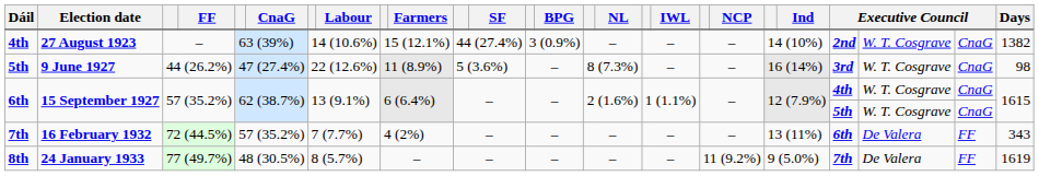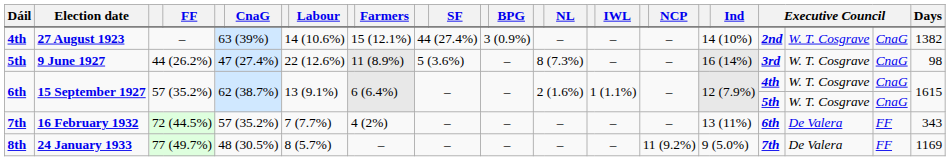 <table class="wikitable" style="font-size:95%;">
 <tr style="text-align: center; background: #efefefefefef; border-bottom: 2px solid gray;">
 <th>Dáil</th>
 <th>Election date</th>
 <th style="background-color: "></th>
 <th><a href='#'>FF</a></th>
 <th style="background-color: "></th>
 <th><a href='#'>CnaG</a></th>
 <th style="background-color: "></th>
 <th><a href='#'>Labour</a></th>
 <th style="background-color: "></th>
 <th><a href='#'>Farmers</a></th>
 <th style="background-color: "></th>
 <th><a href='#'>SF</a></th>
 <th style="background-color: "></th>
 <th><a href='#'>BPG</a></th>
 <th style="background-color: "></th>
 <th><a href='#'>NL</a></th>
 <th style="background-color: "></th>
 <th><a href='#'>IWL</a></th>
 <th style="background-color: "></th>
 <th><a href='#'>NCP</a></th>
 <th style="background-color: "></th>
 <th><a href='#'>Ind</a></th>
 <th colspan=3><em>Executive Council</em></th>
 <th>Days</th>
 </tr>
 <tr>
 <td><strong><a href='#'>4th</a></strong></td>
 <td><strong><a href='#'>27 August 1923</a></strong></td>
 <td colspan=2 align=center>–</td>
 <td colspan=2 style="background-color: #D0E8FF">63 (39%)</td>
 <td colspan=2>14 (10.6%)</td>
 <td colspan=2>15 (12.1%)</td>
 <td colspan=2>44 (27.4%)</td>
 <td colspan=2>3 (0.9%)</td>
 <td colspan=2 align=center>–</td>
 <td colspan=2 align=center>–</td>
 <td colspan=2 align=center>–</td>
 <td colspan=2>14 (10%)</td>
 <td><a href='#'><strong><em>2nd</em></strong></a></td>
 <td><em><a href='#'>W. T. Cosgrave</a></em></td>
 <td><a href='#'><em>CnaG</em></a></td>
 <td style="text-align:right;">1382</td>
 </tr>
 <tr>
 <td><strong><a href='#'>5th</a></strong></td>
 <td><strong><a href='#'>9 June 1927</a></strong></td>
 <td colspan=2>44 (26.2%)</td>
 <td colspan=2 style="background-color: #D0E8FF">47 (27.4%)</td>
 <td colspan=2>22 (12.6%)</td>
 <td colspan=2 style="background-color: #E8E8E8">11 (8.9%)</td>
 <td colspan=2>5 (3.6%)</td>
 <td colspan=2 align=center>–</td>
 <td colspan=2>8 (7.3%)</td>
 <td colspan=2 align=center>–</td>
 <td colspan=2 align=center>–</td>
 <td colspan=2 style="background-color: #E8E8E8">16 (14%)</td>
 <td><a href='#'><strong><em>3rd</em></strong></a></td>
 <td><em>W. T. Cosgrave</em></td>
 <td><a href='#'><em>CnaG</em></a></td>
 <td style="text-align:right;">98</td>
 </tr>
 <tr style="line-height:16px;">
 <td rowspan=2><strong><a href='#'>6th</a></strong></td>
 <td rowspan=2><strong><a href='#'>15 September 1927</a></strong></td>
 <td rowspan=2 colspan=2>57 (35.2%)</td>
 <td rowspan=2 colspan=2 style="background-color: #D0E8FF">62 (38.7%)</td>
 <td rowspan=2 colspan=2>13 (9.1%)</td>
 <td rowspan=2 colspan=2 style="background-color: #E8E8E8">6 (6.4%)</td>
 <td rowspan=2 colspan=2 align=center>–</td>
 <td rowspan=2 colspan=2 align=center>–</td>
 <td rowspan=2 colspan=2>2 (1.6%)</td>
 <td rowspan=2 colspan=2>1 (1.1%)</td>
 <td rowspan=2 colspan=2 align=center>–</td>
 <td rowspan=2 colspan=2 style="background-color: #E8E8E8">12 (7.9%)</td>
 <td><a href='#'><strong><em>4th</em></strong></a></td>
 <td><em>W. T. Cosgrave</em></td>
 <td><a href='#'><em>CnaG</em></a></td>
 <td rowspan=2 style="text-align:right;">1615</td>
 </tr>
 <tr style="line-height:16px;">
 <td><a href='#'><strong><em>5th</em></strong></a></td>
 <td><em>W. T. Cosgrave</em></td>
 <td><a href='#'><em>CnaG</em></a></td>
 </tr>
 <tr>
 <td><strong><a href='#'>7th</a></strong></td>
 <td><strong><a href='#'>16 February 1932</a></strong></td>
 <td colspan=2 style="background-color: #DEFFDE">72 (44.5%)</td>
 <td colspan=2>57 (35.2%)</td>
 <td colspan=2>7 (7.7%)</td>
 <td colspan=2>4 (2%)</td>
 <td colspan=2 align=center>–</td>
 <td colspan=2 align=center>–</td>
 <td colspan=2 align=center>–</td>
 <td colspan=2 align=center>–</td>
 <td colspan=2 align=center>–</td>
 <td colspan=2>13 (11%)</td>
 <td><a href='#'><strong><em>6th</em></strong></a></td>
 <td><a href='#'><em>De Valera</em></a></td>
 <td><a href='#'><em>FF</em></a></td>
 <td style="text-align:right;">343</td>
 </tr>
 <tr>
 <td><strong><a href='#'>8th</a></strong></td>
 <td><strong><a href='#'>24 January 1933</a></strong></td>
 <td colspan=2 style="background-color: #DEFFDE">77 (49.7%)</td>
 <td colspan=2>48 (30.5%)</td>
 <td colspan=2>8 (5.7%)</td>
 <td colspan=2 align=center>–</td>
 <td colspan=2 align=center>–</td>
 <td colspan=2 align=center>–</td>
 <td colspan=2 align=center>–</td>
 <td colspan=2 align=center>–</td>
 <td colspan=2>11 (9.2%)</td>
 <td colspan=2>9 (5.0%)</td>
 <td><a href='#'><strong><em>7th</em></strong></a></td>
 <td><em>De Valera</em></td>
 <td><a href='#'><em>FF</em></a></td>
-<td style="text-align:right;">1619</td>
+<td style="text-align:right;">1169</td>
 </tr>
 </table>
